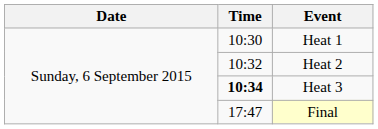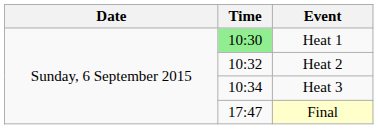 <table class = "wikitable" style="text-align:center;">
 <tr>
 <th width=220>Date</th>
 <th width=50>Time</th>
 <th width=100>Event</th>
 </tr>
 <tr>
 <td rowspan=4>Sunday, 6 September 2015</td>
-<td>10:30</td>
+<td style="background: lightgreen;">10:30</td>
 <td>Heat 1</td>
 </tr>
 <tr>
 <td>10:32</td>
 <td>Heat 2</td>
 </tr>
 <tr>
-<td><strong>10:34</strong></td>
+<td>10:34</td>
 <td>Heat 3</td>
 </tr>
 <tr>
 <td>17:47</td>
 <td bgcolor=ffffcc>Final</td>
 </tr>
 </table>
